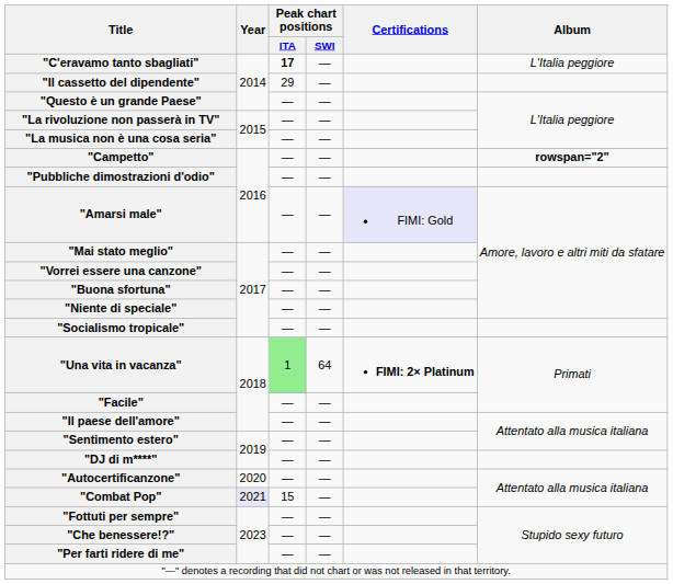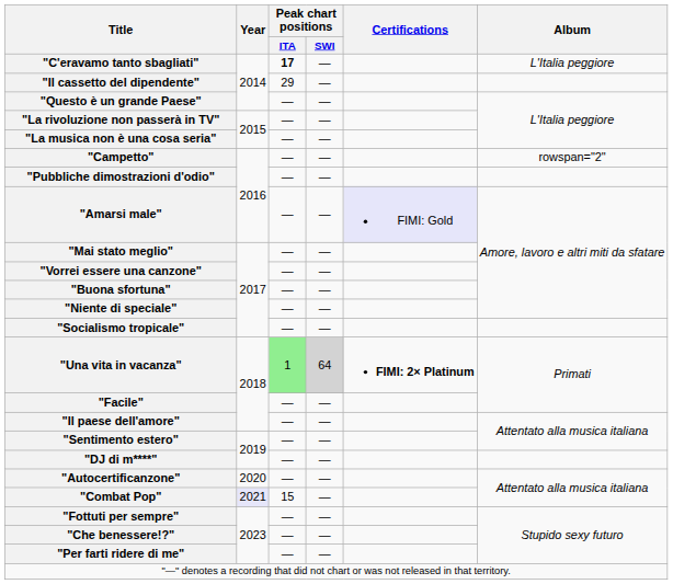 <table class="wikitable plainrowheaders" style="text-align:center;">
 <tr>
 <th scope="col" rowspan="2" style="width:19em;">Title</th>
 <th scope="col" rowspan="2" style="width:1em;">Year</th>
 <th scope="col" colspan="2">Peak chart positions</th>
 <th scope="col" rowspan="2"><a href='#'>Certifications</a></th>
 <th scope="col" rowspan="2">Album</th>
 </tr>
 <tr>
 <th scope="col" style="width:3em;font-size:90%;"><a href='#'>ITA</a><br></th>
 <th scope="col" style="width:3em;font-size:90%;"><a href='#'>SWI</a><br></th>
 </tr>
 <tr>
 <th scope="row">"C'eravamo tanto sbagliati"</th>
 <td rowspan="3">2014</td>
 <td><strong>17</strong></td>
 <td>—</td>
 <td></td>
 <td><em>L'Italia peggiore</em></td>
 </tr>
 <tr>
 <th scope="row">"Il cassetto del dipendente"</th>
 <td>29</td>
 <td>—</td>
 <td></td>
 <td></td>
 </tr>
 <tr>
 <th scope="row">"Questo è un grande Paese"<br></th>
 <td>—</td>
 <td>—</td>
 <td></td>
 <td rowspan="3"><em>L'Italia peggiore</em></td>
 </tr>
 <tr>
 <th scope="row">"La rivoluzione non passerà in TV"</th>
 <td rowspan="2">2015</td>
 <td>—</td>
 <td>—</td>
 <td></td>
 </tr>
 <tr>
 <th scope="row">"La musica non è una cosa seria"</th>
 <td>—</td>
 <td>—</td>
 <td></td>
 </tr>
 <tr>
 <th scope="row">"Campetto"<br></th>
 <td rowspan="3">2016</td>
 <td>—</td>
 <td>—</td>
 <td></td>
-<td><strong>rowspan="2" </strong></td>
+<td>rowspan="2" </td>
 </tr>
 <tr>
 <th scope="row">"Pubbliche dimostrazioni d'odio"<br></th>
 <td>—</td>
 <td>—</td>
 <td></td>
 </tr>
 <tr>
 <th scope="row">"Amarsi male"</th>
 <td>—</td>
 <td>—</td>
 <td style="background: lavender;"><br><ul><li>FIMI: Gold</li></ul></td>
 <td rowspan="5"><em>Amore, lavoro e altri miti da sfatare</em></td>
 </tr>
 <tr>
 <th scope="row">"Mai stato meglio"</th>
 <td rowspan="5">2017</td>
 <td>—</td>
 <td>—</td>
 <td></td>
 </tr>
 <tr>
 <th scope="row">"Vorrei essere una canzone"</th>
 <td>—</td>
 <td>—</td>
 <td></td>
 </tr>
 <tr>
 <th scope="row">"Buona sfortuna"</th>
 <td>—</td>
 <td>—</td>
 <td></td>
 </tr>
 <tr>
 <th scope="row">"Niente di speciale"</th>
 <td>—</td>
 <td>—</td>
 <td></td>
 </tr>
 <tr>
 <th scope="row">"Socialismo tropicale"</th>
 <td>—</td>
 <td>—</td>
 <td></td>
 <td></td>
 </tr>
 <tr>
 <th scope="row">"Una vita in vacanza"</th>
 <td rowspan="3">2018</td>
 <td style="background: lightgreen;">1</td>
-<td>64</td>
+<td style="background: lightgrey;">64</td>
 <td><strong><br><ul><li>FIMI: 2× Platinum</li></ul></strong></td>
 <td rowspan="2"><em>Primati</em></td>
 </tr>
 <tr>
 <th scope="row">"Facile"</th>
 <td>—</td>
 <td>—</td>
 <td></td>
 </tr>
 <tr>
 <th scope="row">"Il paese dell'amore"</th>
 <td>—</td>
 <td>—</td>
 <td></td>
 <td rowspan="2"><em>Attentato alla musica italiana</em></td>
 </tr>
 <tr>
 <th scope="row">"Sentimento estero"</th>
 <td rowspan=2>2019</td>
 <td>—</td>
 <td>—</td>
 <td></td>
 </tr>
 <tr>
 <th scope="row">"DJ di m****"<br></th>
 <td>—</td>
 <td>—</td>
 <td></td>
 <td></td>
 </tr>
 <tr>
 <th scope="row">"Autocertificanzone"</th>
 <td>2020</td>
 <td>—</td>
 <td>—</td>
 <td></td>
 <td rowspan="2"><em>Attentato alla musica italiana</em></td>
 </tr>
 <tr>
 <th scope="row">"Combat Pop"</th>
 <td style="background: lavender;">2021</td>
 <td>15</td>
 <td>—</td>
 <td></td>
 </tr>
 <tr>
 <th scope="row">"Fottuti per sempre"<br></th>
 <td rowspan="3">2023</td>
 <td>—</td>
 <td>—</td>
 <td></td>
 <td rowspan="3"><em>Stupido sexy futuro</em></td>
 </tr>
 <tr>
 <th scope="row">"Che benessere!?"<br></th>
 <td>—</td>
 <td>—</td>
 <td></td>
 </tr>
 <tr>
 <th scope="row">"Per farti ridere di me"<br></th>
 <td>—</td>
 <td>—</td>
 <td></td>
 </tr>
 <tr>
 <td style="text-align:center; font-size:85%;" colspan="6">"—" denotes a recording that did not chart or was not released in that territory.</td>
 </tr>
 </table>
